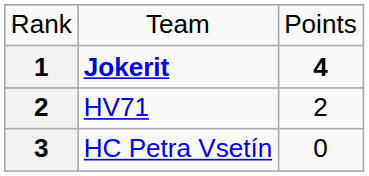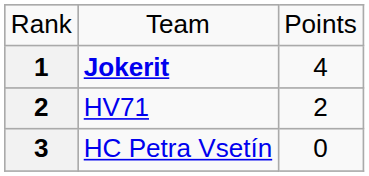 <table class="wikitable" style="text-align: center;">
 <tr>
 <td>Rank</td>
 <td>Team</td>
 <td>Points</td>
 </tr>
 <tr>
 <th>1</th>
 <td style="text-align: left;"> <strong><a href='#'>Jokerit</a></strong></td>
-<td><strong>4</strong></td>
+<td>4</td>
 </tr>
 <tr>
 <th>2</th>
 <td style="text-align: left;"> <a href='#'>HV71</a></td>
 <td>2</td>
 </tr>
 <tr>
 <th>3</th>
 <td style="text-align: left;"> <a href='#'>HC Petra Vsetín</a></td>
 <td>0</td>
 </tr>
 </table>
